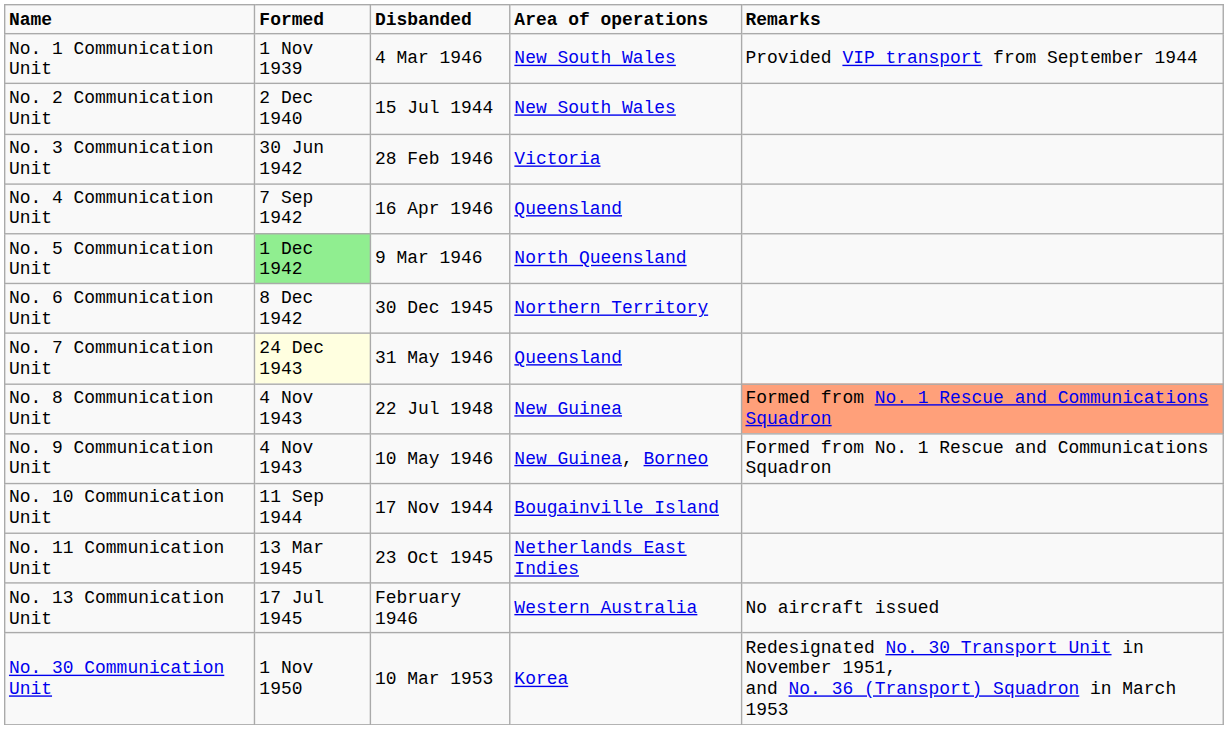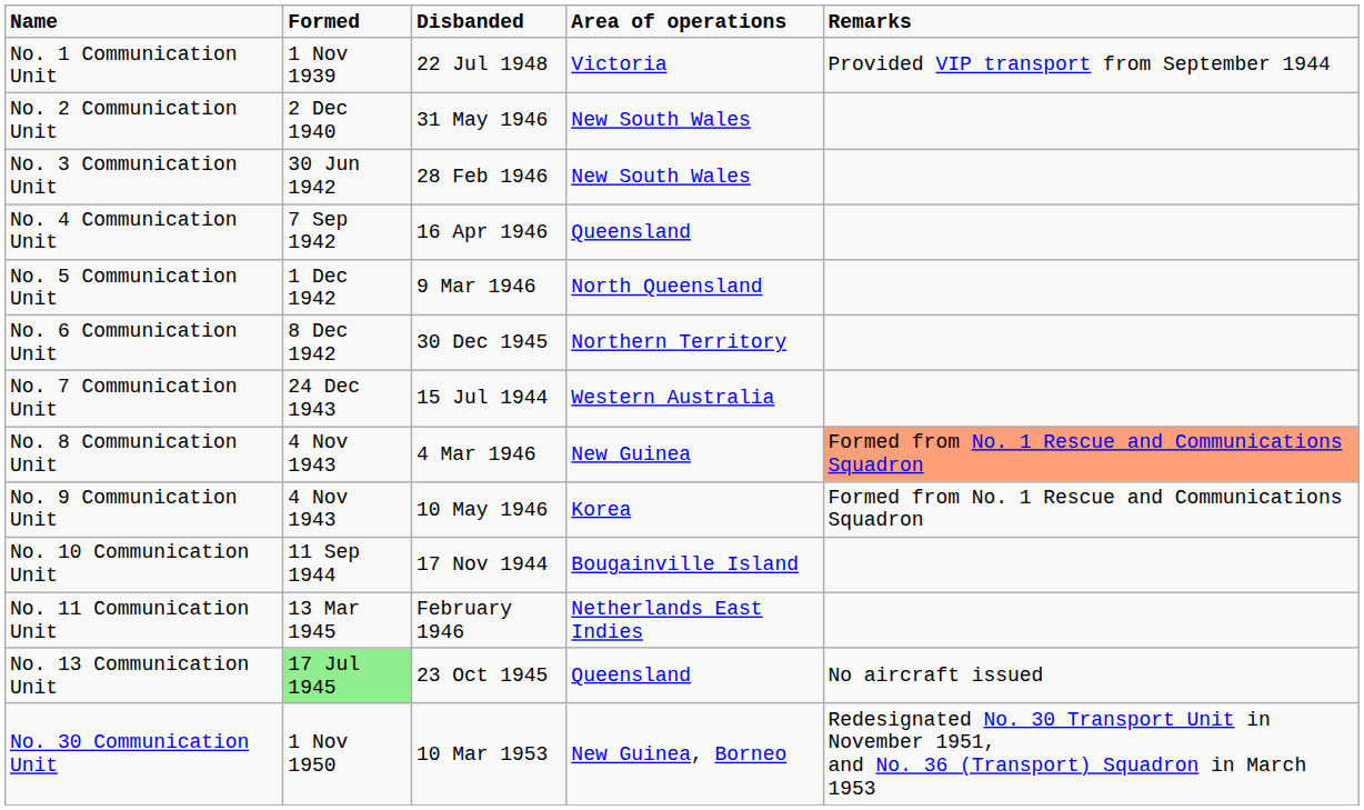 <table class="wikitable" style="margin: 1em auto 1em auto">
 <tr>
 <td><strong>Name</strong></td>
 <td><strong>Formed</strong></td>
 <td><strong>Disbanded</strong></td>
 <td><strong>Area of operations</strong></td>
 <td><strong>Remarks</strong></td>
 </tr>
 <tr --->
 <td>No. 1 Communication Unit</td>
 <td>1 Nov 1939</td>
-<td>4 Mar 1946</td>
-<td><a href='#'>New South Wales</a></td>
+<td>22 Jul 1948</td>
+<td><a href='#'>Victoria</a></td>
 <td>Provided <a href='#'>VIP transport</a> from September 1944</td>
 </tr>
 <tr --->
 <td>No. 2 Communication Unit</td>
 <td>2 Dec 1940</td>
-<td>15 Jul 1944</td>
+<td>31 May 1946</td>
 <td><a href='#'>New South Wales</a></td>
 <td></td>
 </tr>
 <tr --->
 <td>No. 3 Communication Unit</td>
 <td>30 Jun 1942</td>
 <td>28 Feb 1946</td>
-<td><a href='#'>Victoria</a></td>
+<td><a href='#'>New South Wales</a></td>
 <td></td>
 </tr>
 <tr --->
 <td>No. 4 Communication Unit</td>
 <td>7 Sep 1942</td>
 <td>16 Apr 1946</td>
 <td><a href='#'>Queensland</a></td>
 <td></td>
 </tr>
 <tr --->
 <td>No. 5 Communication Unit</td>
-<td style="background: lightgreen;">1 Dec 1942</td>
+<td>1 Dec 1942</td>
 <td>9 Mar 1946</td>
 <td><a href='#'>North Queensland</a></td>
 <td></td>
 </tr>
 <tr --->
 <td>No. 6 Communication Unit</td>
 <td>8 Dec 1942</td>
 <td>30 Dec 1945</td>
 <td><a href='#'>Northern Territory</a></td>
 <td></td>
 </tr>
 <tr --->
 <td>No. 7 Communication Unit</td>
-<td style="background: lightyellow;">24 Dec 1943</td>
-<td>31 May 1946</td>
-<td><a href='#'>Queensland</a></td>
+<td>24 Dec 1943</td>
+<td>15 Jul 1944</td>
+<td><a href='#'>Western Australia</a></td>
 <td></td>
 </tr>
 <tr --->
 <td>No. 8 Communication Unit</td>
 <td>4 Nov 1943</td>
-<td>22 Jul 1948</td>
+<td>4 Mar 1946</td>
 <td><a href='#'>New Guinea</a></td>
 <td style="background: lightsalmon;">Formed from <a href='#'>No. 1 Rescue and Communications Squadron</a></td>
 </tr>
 <tr --->
 <td>No. 9 Communication Unit</td>
 <td>4 Nov 1943</td>
 <td>10 May 1946</td>
-<td><a href='#'>New Guinea</a>, <a href='#'>Borneo</a></td>
+<td><a href='#'>Korea</a></td>
 <td>Formed from No. 1 Rescue and Communications Squadron</td>
 </tr>
 <tr --->
 <td>No. 10 Communication Unit</td>
 <td>11 Sep 1944</td>
 <td>17 Nov 1944</td>
 <td><a href='#'>Bougainville Island</a></td>
 <td></td>
 </tr>
 <tr --->
 <td>No. 11 Communication Unit</td>
 <td>13 Mar 1945</td>
-<td>23 Oct 1945</td>
+<td>February 1946</td>
 <td><a href='#'>Netherlands East Indies</a></td>
 <td></td>
 </tr>
 <tr --->
 <td>No. 13 Communication Unit</td>
-<td>17 Jul 1945</td>
-<td>February 1946</td>
-<td><a href='#'>Western Australia</a></td>
+<td style="background: lightgreen;">17 Jul 1945</td>
+<td>23 Oct 1945</td>
+<td><a href='#'>Queensland</a></td>
 <td>No aircraft issued</td>
 </tr>
 <tr --->
 <td><a href='#'>No. 30 Communication Unit</a></td>
 <td>1 Nov 1950</td>
 <td>10 Mar 1953</td>
-<td><a href='#'>Korea</a></td>
+<td><a href='#'>New Guinea</a>, <a href='#'>Borneo</a></td>
 <td>Redesignated <a href='#'>No. 30 Transport Unit</a> in November 1951,<br>and <a href='#'>No. 36 (Transport) Squadron</a> in March 1953</td>
 </tr>
 <tr --->
 </tr>
 </table>
